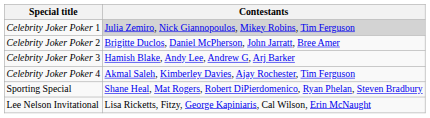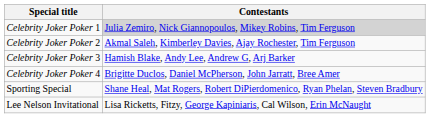 <table class="wikitable">
 <tr>
 <th>Special title</th>
 <th>Contestants</th>
 </tr>
 <tr>
 <td><em>Celebrity Joker Poker</em> 1</td>
 <td style="background: lightgrey;"><a href='#'>Julia Zemiro</a>, <a href='#'>Nick Giannopoulos</a>, <a href='#'>Mikey Robins</a>, <a href='#'>Tim Ferguson</a></td>
 </tr>
 <tr>
 <td><em>Celebrity Joker Poker</em> 2</td>
-<td><a href='#'>Brigitte Duclos</a>, <a href='#'>Daniel McPherson</a>, <a href='#'>John Jarratt</a>, <a href='#'>Bree Amer</a></td>
+<td><a href='#'>Akmal Saleh</a>, <a href='#'>Kimberley Davies</a>, <a href='#'>Ajay Rochester</a>, <a href='#'>Tim Ferguson</a></td>
 </tr>
 <tr>
 <td><em>Celebrity Joker Poker</em> 3</td>
 <td><a href='#'>Hamish Blake</a>, <a href='#'>Andy Lee</a>, <a href='#'>Andrew G</a>, <a href='#'>Arj Barker</a></td>
 </tr>
 <tr>
 <td><em>Celebrity Joker Poker</em> 4</td>
-<td><a href='#'>Akmal Saleh</a>, <a href='#'>Kimberley Davies</a>, <a href='#'>Ajay Rochester</a>, <a href='#'>Tim Ferguson</a></td>
+<td><a href='#'>Brigitte Duclos</a>, <a href='#'>Daniel McPherson</a>, <a href='#'>John Jarratt</a>, <a href='#'>Bree Amer</a></td>
 </tr>
 <tr>
 <td>Sporting Special</td>
 <td><a href='#'>Shane Heal</a>, <a href='#'>Mat Rogers</a>, <a href='#'>Robert DiPierdomenico</a>, <a href='#'>Ryan Phelan</a>, <a href='#'>Steven Bradbury</a></td>
 </tr>
 <tr>
 <td>Lee Nelson Invitational</td>
 <td>Lisa Ricketts, Fitzy, <a href='#'>George Kapiniaris</a>, Cal Wilson, <a href='#'>Erin McNaught</a></td>
 </tr>
 </table>
